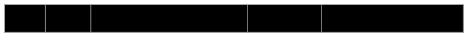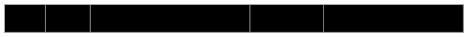 <table class="wikitable" width="80%">
 <tr align="center">
 </tr>
 <tr align="center" bgcolor=" ">
 <td>March 12</td>
 <td>1:00 pm ET</td>
-<td>Minnesota (26-9-2) at Boston College (23-6-6)</td>
+<td><strong>Minnesota (26-9-2) at Boston College (23-6-6)</strong></td>
 <td>Boston College, 4-1</td>
 <td>Stack with two goals, Schaus with 31 saves</td>
 </tr>
 <tr align="center" bgcolor=" ">
 </tr>
 </table>
